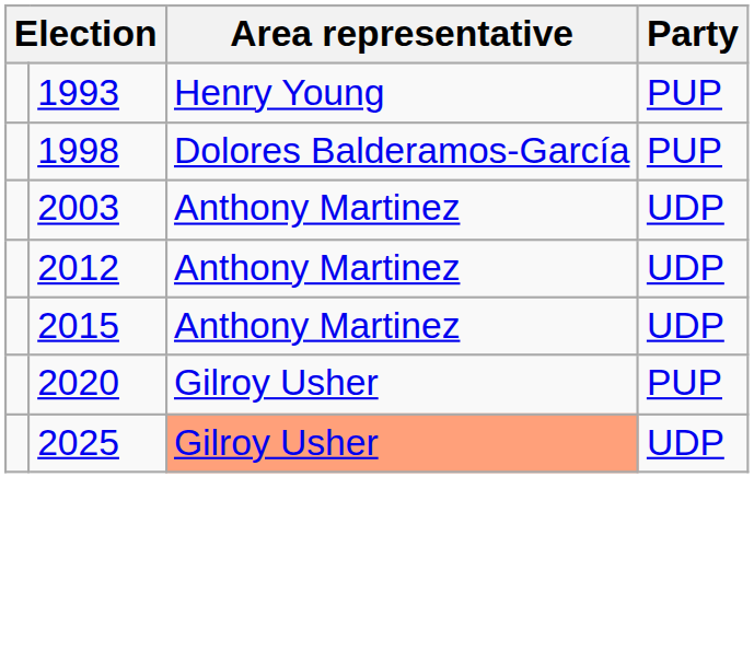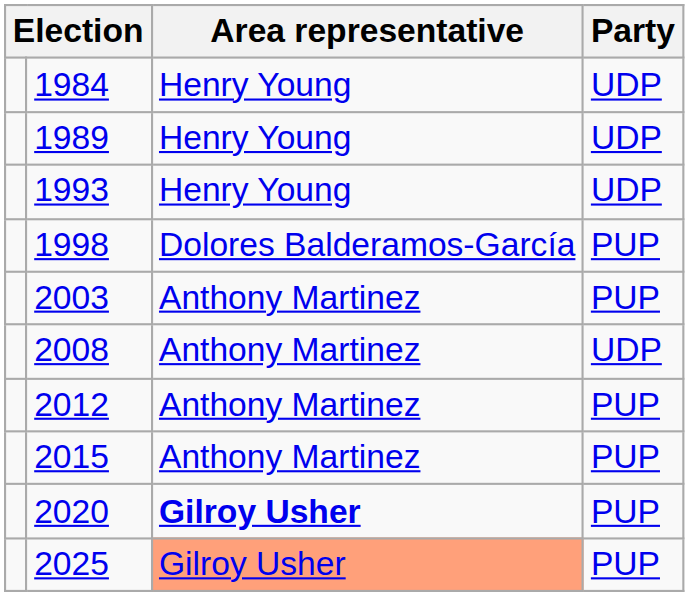 <table class="wikitable">
 <tr>
 <th colspan="2">Election</th>
 <th>Area representative</th>
 <th>Party</th>
 </tr>
 <tr>
 <td style="background-color: "></td>
+<td><a href='#'>1984</a></td>
+<td><a href='#'>Henry Young</a></td>
+<td><a href='#'>UDP</a></td>
+</tr>
+<tr>
+<td style="background-color: "></td>
+<td><a href='#'>1989</a></td>
+<td><a href='#'>Henry Young</a></td>
+<td><a href='#'>UDP</a></td>
+</tr>
+<tr>
+<td style="background-color: "></td>
 <td><a href='#'>1993</a></td>
 <td><a href='#'>Henry Young</a></td>
-<td><a href='#'>PUP</a></td>
+<td><a href='#'>UDP</a></td>
 </tr>
 <tr>
 <td style="background-color: "></td>
 <td><a href='#'>1998</a></td>
 <td><a href='#'>Dolores Balderamos-García</a></td>
 <td><a href='#'>PUP</a></td>
 </tr>
 <tr>
 <td style="background-color: "></td>
 <td><a href='#'>2003</a></td>
 <td><a href='#'>Anthony Martinez</a></td>
+<td><a href='#'>PUP</a></td>
+</tr>
+<tr>
+<td style="background-color: "></td>
+<td><a href='#'>2008</a></td>
+<td><a href='#'>Anthony Martinez</a></td>
 <td><a href='#'>UDP</a></td>
 </tr>
 <tr>
 <td style="background-color: "></td>
 <td><a href='#'>2012</a></td>
 <td><a href='#'>Anthony Martinez</a></td>
-<td><a href='#'>UDP</a></td>
+<td><a href='#'>PUP</a></td>
 </tr>
 <tr>
 <td style="background-color: "></td>
 <td><a href='#'>2015</a></td>
 <td><a href='#'>Anthony Martinez</a></td>
-<td><a href='#'>UDP</a></td>
+<td><a href='#'>PUP</a></td>
 </tr>
 <tr>
 <td style="background-color: "></td>
 <td><a href='#'>2020</a></td>
-<td><a href='#'>Gilroy Usher</a></td>
+<td><strong><a href='#'>Gilroy Usher</a></strong></td>
 <td><a href='#'>PUP</a></td>
 </tr>
 <tr>
 <td style="background-color: "></td>
 <td><a href='#'>2025</a></td>
 <td style="background: lightsalmon;"><a href='#'>Gilroy Usher</a></td>
-<td><a href='#'>UDP</a></td>
+<td><a href='#'>PUP</a></td>
 </tr>
 </table>
